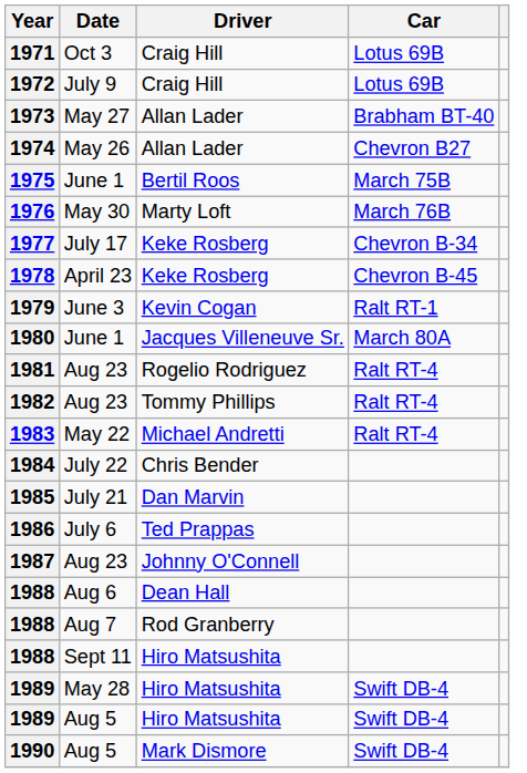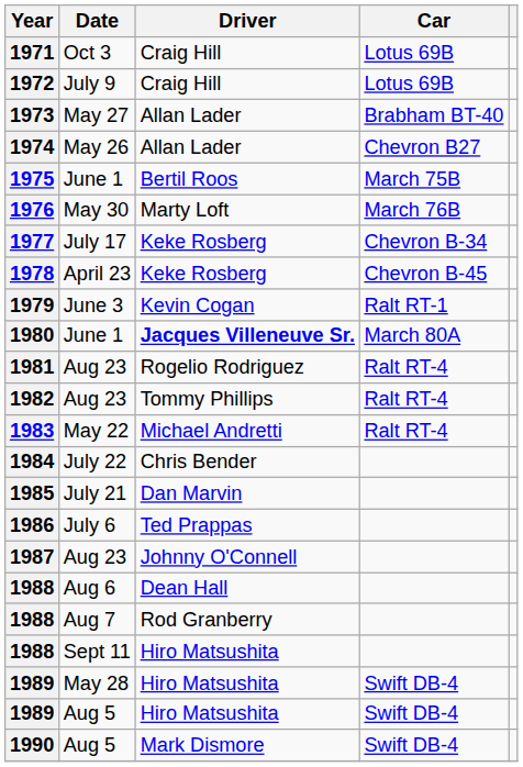 <table class="sortable wikitable" style="font-size: 90%;">
 <tr>
 <th>Year</th>
 <th>Date</th>
 <th>Driver</th>
 <th>Car</th>
 <th></th>
 </tr>
 <tr>
 <th>1971</th>
 <td>Oct 3</td>
 <td> Craig Hill</td>
 <td><a href='#'>Lotus 69B</a></td>
 <td></td>
 </tr>
 <tr>
 <th>1972</th>
 <td>July 9</td>
 <td> Craig Hill</td>
 <td><a href='#'>Lotus 69B</a></td>
 <td></td>
 </tr>
 <tr>
 <th>1973</th>
 <td>May 27</td>
 <td> Allan Lader</td>
 <td><a href='#'>Brabham BT-40</a></td>
 <td></td>
 </tr>
 <tr>
 <th>1974</th>
 <td>May 26</td>
 <td> Allan Lader</td>
 <td><a href='#'>Chevron B27</a></td>
 <td></td>
 </tr>
 <tr>
 <th><a href='#'>1975</a></th>
 <td>June 1</td>
 <td> <a href='#'>Bertil Roos</a></td>
 <td><a href='#'>March 75B</a></td>
 <td></td>
 </tr>
 <tr>
 <th><a href='#'>1976</a></th>
 <td>May 30</td>
 <td> Marty Loft</td>
 <td><a href='#'>March 76B</a></td>
 <td></td>
 </tr>
 <tr>
 <th><a href='#'>1977</a></th>
 <td>July 17</td>
 <td> <a href='#'>Keke Rosberg</a></td>
 <td><a href='#'>Chevron B-34</a></td>
 <td></td>
 </tr>
 <tr>
 <th><a href='#'>1978</a></th>
 <td>April 23</td>
 <td> <a href='#'>Keke Rosberg</a></td>
 <td><a href='#'>Chevron B-45</a></td>
 <td></td>
 </tr>
 <tr>
 <th>1979</th>
 <td>June 3</td>
 <td> <a href='#'>Kevin Cogan</a></td>
 <td><a href='#'>Ralt RT-1</a></td>
 <td></td>
 </tr>
 <tr>
 <th>1980</th>
 <td>June 1</td>
-<td> <a href='#'>Jacques Villeneuve Sr.</a></td>
+<td><strong> <a href='#'>Jacques Villeneuve Sr.</a></strong></td>
 <td><a href='#'>March 80A</a></td>
 <td></td>
 </tr>
 <tr>
 <th>1981</th>
 <td>Aug 23</td>
 <td> Rogelio Rodriguez</td>
 <td><a href='#'>Ralt RT-4</a></td>
 <td></td>
 </tr>
 <tr>
 <th>1982</th>
 <td>Aug 23</td>
 <td> Tommy Phillips</td>
 <td><a href='#'>Ralt RT-4</a></td>
 <td></td>
 </tr>
 <tr>
 <th><a href='#'>1983</a></th>
 <td>May 22</td>
 <td> <a href='#'>Michael Andretti</a></td>
 <td><a href='#'>Ralt RT-4</a></td>
 <td></td>
 </tr>
 <tr>
 <th>1984</th>
 <td>July 22</td>
 <td> Chris Bender</td>
 <td></td>
 <td></td>
 </tr>
 <tr>
 <th>1985</th>
 <td>July 21</td>
 <td> <a href='#'>Dan Marvin</a></td>
 <td></td>
 <td></td>
 </tr>
 <tr>
 <th>1986</th>
 <td>July 6</td>
 <td> <a href='#'>Ted Prappas</a></td>
 <td></td>
 <td></td>
 </tr>
 <tr>
 <th>1987</th>
 <td>Aug 23</td>
 <td> <a href='#'>Johnny O'Connell</a></td>
 <td></td>
 <td></td>
 </tr>
 <tr>
 <th>1988</th>
 <td>Aug 6</td>
 <td> <a href='#'>Dean Hall</a></td>
 <td></td>
 <td></td>
 </tr>
 <tr>
 <th>1988</th>
 <td>Aug 7</td>
 <td> Rod Granberry</td>
 <td></td>
 <td></td>
 </tr>
 <tr>
 <th>1988</th>
 <td>Sept 11</td>
 <td> <a href='#'>Hiro Matsushita</a></td>
 <td></td>
 <td></td>
 </tr>
 <tr>
 <th>1989</th>
 <td>May 28</td>
 <td> <a href='#'>Hiro Matsushita</a></td>
 <td><a href='#'>Swift DB-4</a></td>
 <td></td>
 </tr>
 <tr>
 <th>1989</th>
 <td>Aug 5</td>
 <td> <a href='#'>Hiro Matsushita</a></td>
 <td><a href='#'>Swift DB-4</a></td>
 <td></td>
 </tr>
 <tr>
 <th>1990</th>
 <td>Aug 5</td>
 <td> <a href='#'>Mark Dismore</a></td>
 <td><a href='#'>Swift DB-4</a></td>
 <td></td>
 </tr>
 <tr>
 </tr>
 </table>
